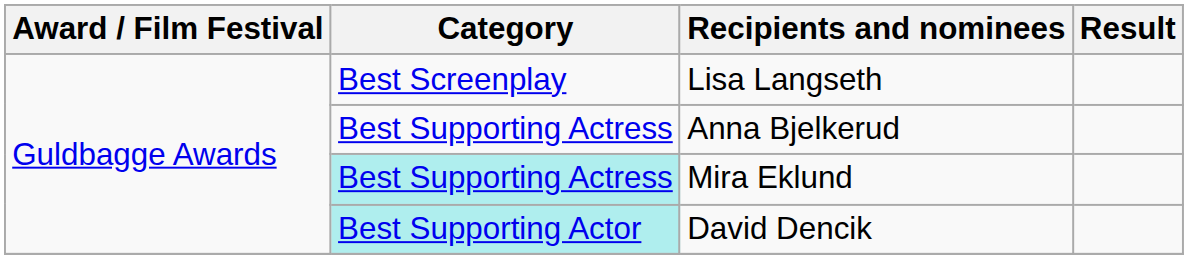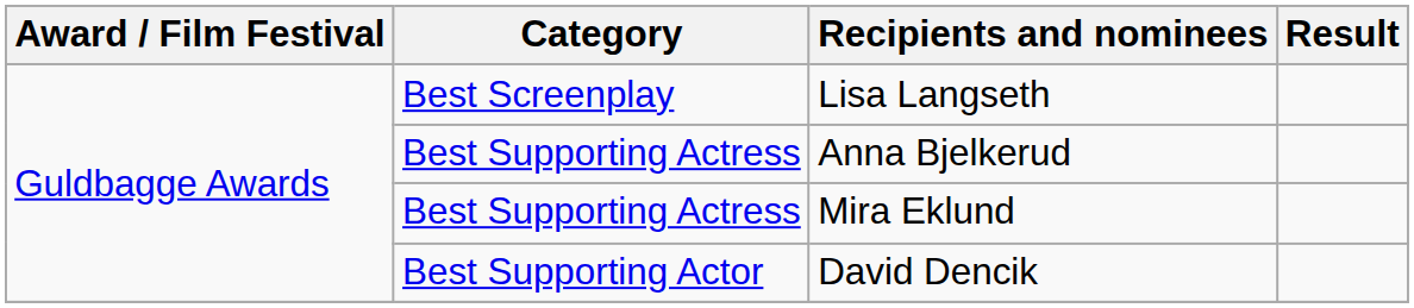 <table class="wikitable plainrowheaders sortable">
 <tr style="background:#ccc; text-align:center;">
 <th scope="col">Award / Film Festival</th>
 <th scope="col">Category</th>
 <th scope="col">Recipients and nominees</th>
 <th scope="col">Result</th>
 </tr>
 <tr>
 <td rowspan=4><a href='#'>Guldbagge Awards</a></td>
 <td><a href='#'>Best Screenplay</a></td>
 <td>Lisa Langseth</td>
 <td></td>
 </tr>
 <tr>
 <td><a href='#'>Best Supporting Actress</a></td>
 <td>Anna Bjelkerud</td>
 <td></td>
 </tr>
 <tr>
-<td style="background: paleturquoise;"><a href='#'>Best Supporting Actress</a></td>
+<td><a href='#'>Best Supporting Actress</a></td>
 <td>Mira Eklund</td>
 <td></td>
 </tr>
 <tr>
-<td style="background: paleturquoise;"><a href='#'>Best Supporting Actor</a></td>
+<td><a href='#'>Best Supporting Actor</a></td>
 <td>David Dencik</td>
 <td></td>
 </tr>
 <tr>
 </tr>
 </table>
